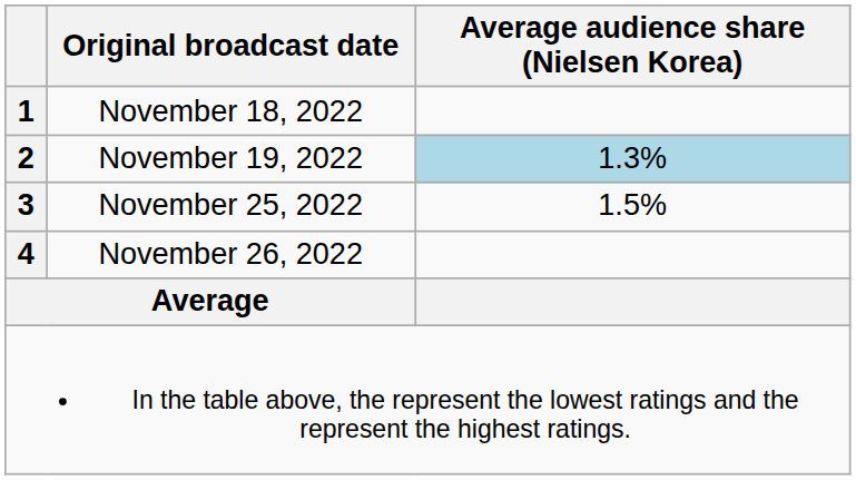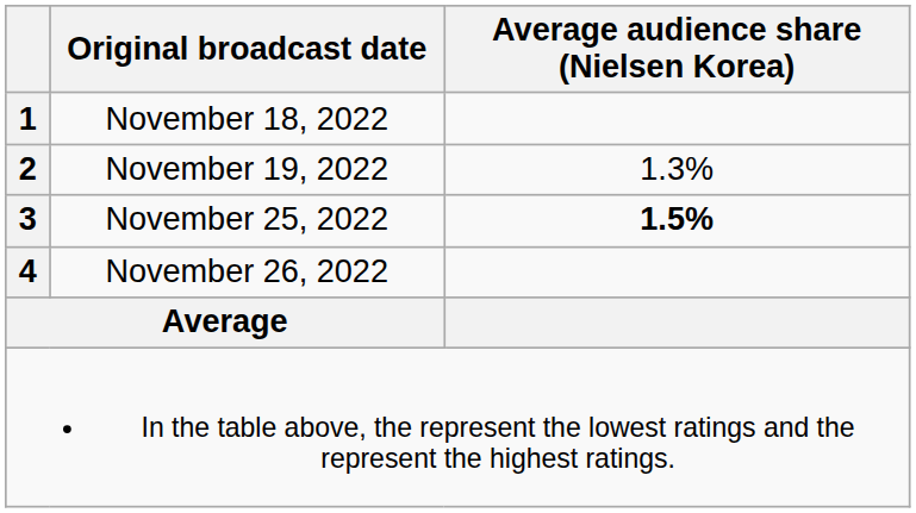 <table class="wikitable" style="width:450px; text-align:center">
 <tr>
 <th scope="col"></th>
 <th scope="col">Original broadcast date</th>
 <th scope="col" style="width:14em">Average audience share<br>(Nielsen Korea)</th>
 </tr>
 <tr>
 <th scope="col">1</th>
 <td>November 18, 2022</td>
 <td><strong></strong> </td>
 </tr>
 <tr>
 <th scope="col">2</th>
 <td>November 19, 2022</td>
-<td style="background: lightblue;">1.3% </td>
+<td>1.3% </td>
 </tr>
 <tr>
 <th scope="col">3</th>
 <td>November 25, 2022</td>
-<td>1.5% </td>
+<td><strong>1.5% </strong></td>
 </tr>
 <tr>
 <th scope="col">4</th>
 <td>November 26, 2022</td>
 <td><strong></strong> </td>
 </tr>
 <tr>
 <th scope="col" colspan="2">Average</th>
 <th scope="col"></th>
 </tr>
 <tr>
 <td colspan="3" style="font-size:85%"><br><ul><li>In the table above, the <strong></strong> represent the lowest ratings and the <strong></strong> represent the highest ratings.</li></ul></td>
 </tr>
 </table>
